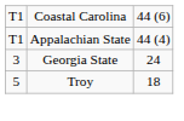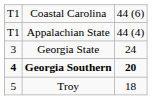 <table class="wikitable" style="display: inline-table;">
 <tr align="center">
 <td>T1</td>
 <td>Coastal Carolina</td>
 <td>44 (6)</td>
 </tr>
 <tr align="center">
 <td>T1</td>
 <td>Appalachian State</td>
 <td>44 (4)</td>
 </tr>
 <tr align="center">
 <td>3</td>
 <td>Georgia State</td>
 <td>24</td>
 </tr>
 <tr align="center">
+<td><strong>4</strong></td>
+<td><strong>Georgia Southern</strong></td>
+<td><strong>20</strong></td>
+</tr>
+<tr align="center">
 <td>5</td>
 <td>Troy</td>
 <td>18</td>
 </tr>
 </table>
